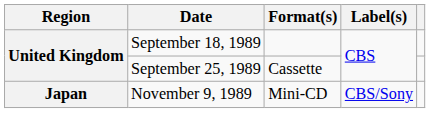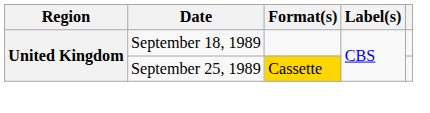 <table class="wikitable plainrowheaders">
 <tr>
 <th scope="col">Region</th>
 <th scope="col">Date</th>
 <th scope="col">Format(s)</th>
 <th scope="col">Label(s)</th>
 <th scope="col"></th>
 </tr>
 <tr>
 <th scope="row" rowspan="2">United Kingdom</th>
 <td>September 18, 1989</td>
 <td></td>
 <td rowspan="2"><a href='#'>CBS</a></td>
 <td></td>
 </tr>
 <tr>
 <td>September 25, 1989</td>
-<td>Cassette</td>
-<td></td>
-</tr>
-<tr>
-<th scope="row">Japan</th>
-<td>November 9, 1989</td>
-<td>Mini-CD</td>
-<td><a href='#'>CBS/Sony</a></td>
+<td style="background: gold;">Cassette</td>
 <td></td>
 </tr>
 </table>
